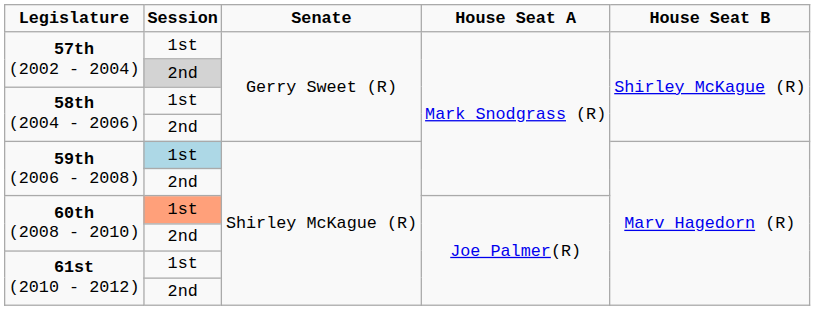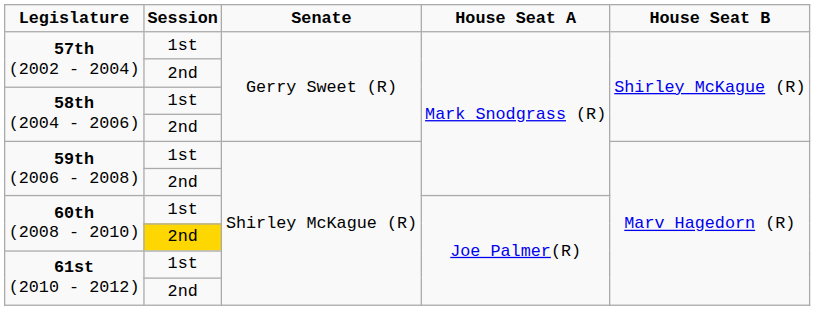 <table class=wikitable style="text-align:center">
 <tr>
 <td><strong>Legislature</strong></td>
 <td><strong>Session</strong></td>
 <td><strong>Senate</strong></td>
 <td><strong>House Seat A</strong></td>
 <td><strong>House Seat B</strong></td>
 </tr>
 <tr>
 <td rowspan="2" colspan="1" style="text-align: center;"><strong>57th</strong> <br> (2002 - 2004)</td>
 <td>1st</td>
 <td rowspan="4" colspan="1" style="text-align: center;" >Gerry Sweet (R)</td>
 <td rowspan="6" colspan="1" style="text-align: center;" ><a href='#'>Mark Snodgrass</a> (R)</td>
 <td rowspan="4" colspan="1" style="text-align: center;" ><a href='#'>Shirley McKague</a> (R)</td>
 </tr>
 <tr>
-<td style="background: lightgrey;">2nd</td>
+<td>2nd</td>
 </tr>
 <tr>
 <td rowspan="2" colspan="1" style="text-align: center;"><strong>58th</strong> <br> (2004 - 2006)</td>
 <td>1st</td>
 </tr>
 <tr>
 <td>2nd</td>
 </tr>
 <tr>
 <td rowspan="2" colspan="1" style="text-align: center;"><strong>59th</strong> <br> (2006 - 2008)</td>
-<td style="background: lightblue;">1st</td>
+<td>1st</td>
 <td rowspan="6" colspan="1" style="text-align: center;" >Shirley McKague (R)</td>
 <td rowspan="6" colspan="1" style="text-align: center;" ><a href='#'>Marv Hagedorn</a> (R)</td>
 </tr>
 <tr>
 <td>2nd</td>
 </tr>
 <tr>
 <td rowspan="2" colspan="1" style="text-align: center;"><strong>60th</strong> <br> (2008 - 2010)</td>
-<td style="background: lightsalmon;">1st</td>
+<td>1st</td>
 <td rowspan="4" colspan="1" style="text-align: center;" ><a href='#'>Joe Palmer</a>(R)</td>
 </tr>
 <tr>
-<td>2nd</td>
+<td style="background: gold;">2nd</td>
 </tr>
 <tr>
 <td rowspan="2" colspan="1" style="text-align: center;"><strong>61st</strong> <br> (2010 - 2012)</td>
 <td>1st</td>
 </tr>
 <tr>
 <td>2nd</td>
 </tr>
 </table>
